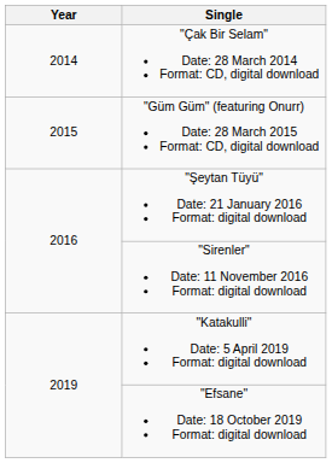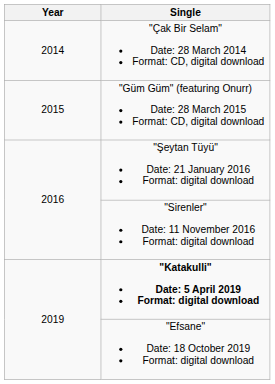 <table class="wikitable plainrowheaders" style="text-align:center;">
 <tr>
 <th scope="col" style="width:9em;">Year</th>
 <th scope="col" style="width:16em;">Single</th>
 </tr>
 <tr>
 <td>2014</td>
 <td>"Çak Bir Selam"<br><ul><li>Date: 28 March 2014</li><li>Format: CD, digital download</li></ul></td>
 </tr>
 <tr>
 <td>2015</td>
 <td>"Güm Güm" (featuring Onurr)<br><ul><li>Date: 28 March 2015</li><li>Format: CD, digital download</li></ul></td>
 </tr>
 <tr>
 <td rowspan="2">2016</td>
 <td>"Şeytan Tüyü"<br><ul><li>Date: 21 January 2016</li><li>Format: digital download</li></ul></td>
 </tr>
 <tr>
 <td>"Sirenler"<br><ul><li>Date: 11 November 2016</li><li>Format: digital download</li></ul></td>
 </tr>
 <tr>
 <td rowspan="2">2019</td>
-<td>"Katakulli"<br><ul><li>Date: 5 April 2019</li><li>Format: digital download</li></ul></td>
+<td><strong>"Katakulli"<br><ul><li>Date: 5 April 2019</li><li>Format: digital download</li></ul></strong></td>
 </tr>
 <tr>
 <td>"Efsane"<br><ul><li>Date: 18 October 2019</li><li>Format: digital download</li></ul></td>
 </tr>
 </table>
